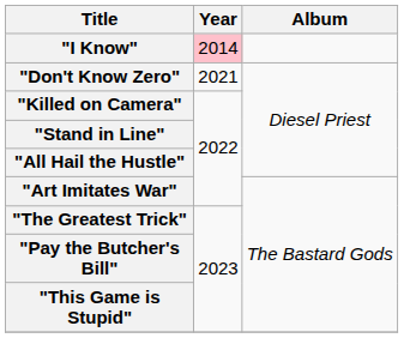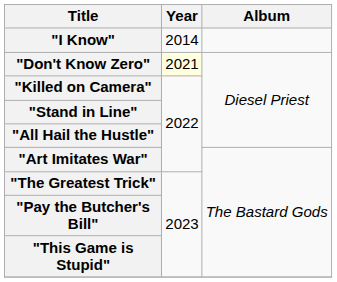 <table class="wikitable plainrowheaders" style="text-align:center;">
 <tr>
 <th scope="col" style="width:10em;">Title</th>
 <th scope="col">Year</th>
 <th scope="col">Album</th>
 </tr>
 <tr>
 <th scope="row">"I Know" </th>
-<td style="background: pink;">2014</td>
+<td>2014</td>
 <td></td>
 </tr>
 <tr>
 <th scope="row">"Don't Know Zero"</th>
-<td>2021</td>
+<td style="background: lightyellow;">2021</td>
 <td rowspan="4"><em>Diesel Priest</em></td>
 </tr>
 <tr>
 <th scope="row">"Killed on Camera"</th>
 <td rowspan="4">2022</td>
 </tr>
 <tr>
 <th scope="row">"Stand in Line"</th>
 </tr>
 <tr>
 <th scope="row">"All Hail the Hustle" </th>
 </tr>
 <tr>
 <th scope="row">"Art Imitates War"</th>
 <td rowspan="4"><em>The Bastard Gods</em></td>
 </tr>
 <tr>
 <th scope="row">"The Greatest Trick"</th>
 <td rowspan="3">2023</td>
 </tr>
 <tr>
 <th scope="row">"Pay the Butcher's Bill"</th>
 </tr>
 <tr>
 <th scope="row">"This Game is Stupid" </th>
 </tr>
 <tr>
 </tr>
 </table>
